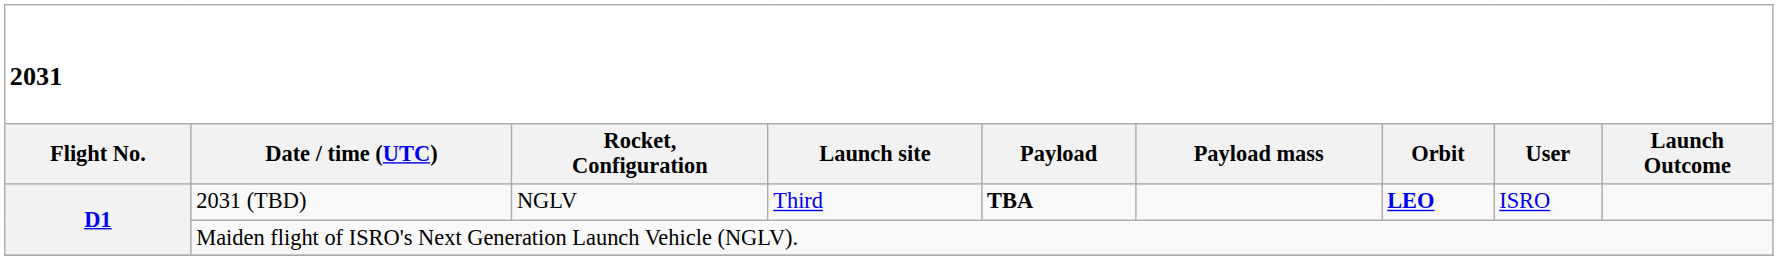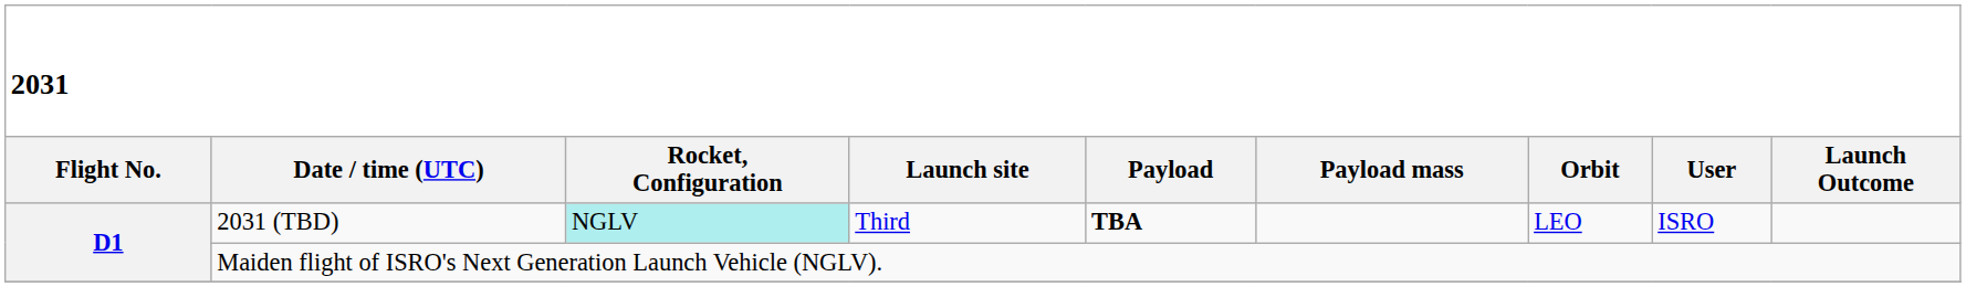 <table class="wikitable plainrowheaders" style="width: 100%;">
 <tr>
 <td colspan=9 style="background:white;"><br><h3>2031</h3></td>
 </tr>
 <tr>
 <th scope="col">Flight No.</th>
 <th scope="col">Date / time (<a href='#'>UTC</a>)</th>
 <th scope="col">Rocket,<br>Configuration</th>
 <th scope="col">Launch site</th>
 <th scope="col">Payload</th>
 <th scope="col">Payload mass</th>
 <th scope="col">Orbit</th>
 <th scope="col">User</th>
 <th scope="col">Launch<br>Outcome</th>
 </tr>
 <tr>
 <th scope="row" rowspan = 2 style="text-align:center;"><a href='#'>D1</a></th>
 <td>2031 (TBD)</td>
-<td>NGLV</td>
+<td style="background: paleturquoise;">NGLV</td>
 <td><a href='#'>Third</a></td>
 <td><strong> TBA</strong></td>
 <td></td>
-<td><strong><a href='#'>LEO</a></strong></td>
+<td><a href='#'>LEO</a></td>
 <td><a href='#'>ISRO</a></td>
 <td></td>
 </tr>
 <tr>
 <td colspan="8">Maiden flight of ISRO's Next Generation Launch Vehicle (NGLV).</td>
 </tr>
 <tr>
 </tr>
 </table>
